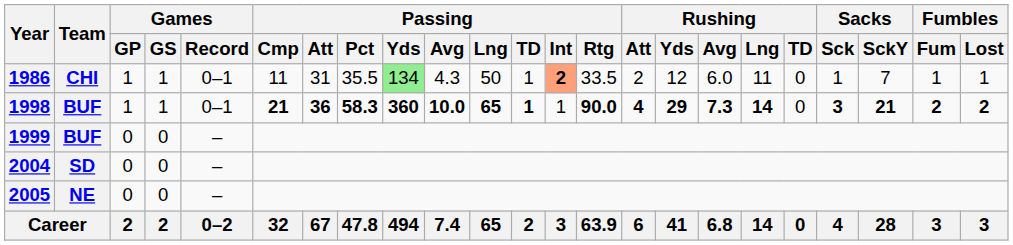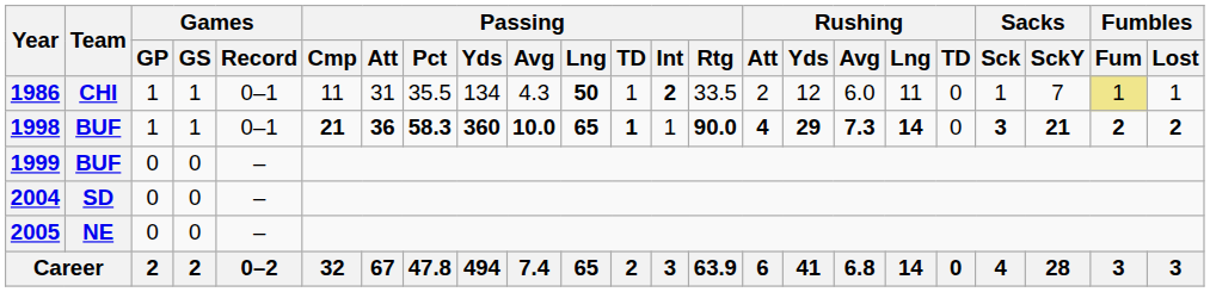 <table class=wikitable style="text-align:center;">
 <tr>
 <th rowspan="2">Year</th>
 <th rowspan="2">Team</th>
 <th colspan="3">Games</th>
 <th colspan="9">Passing</th>
 <th colspan="5">Rushing</th>
 <th colspan="2">Sacks</th>
 <th colspan="2">Fumbles</th>
 </tr>
 <tr>
 <th>GP</th>
 <th>GS</th>
 <th>Record</th>
 <th>Cmp</th>
 <th>Att</th>
 <th>Pct</th>
 <th>Yds</th>
 <th>Avg</th>
 <th>Lng</th>
 <th>TD</th>
 <th>Int</th>
 <th>Rtg</th>
 <th>Att</th>
 <th>Yds</th>
 <th>Avg</th>
 <th>Lng</th>
 <th>TD</th>
 <th>Sck</th>
 <th>SckY</th>
 <th>Fum</th>
 <th>Lost</th>
 </tr>
 <tr>
 <th><a href='#'>1986</a></th>
 <th><a href='#'>CHI</a></th>
 <td>1</td>
 <td>1</td>
 <td>0–1</td>
 <td>11</td>
 <td>31</td>
 <td>35.5</td>
-<td style="background: lightgreen;">134</td>
+<td>134</td>
 <td>4.3</td>
-<td>50</td>
+<td><strong>50</strong></td>
 <td>1</td>
-<td style="background: lightsalmon;"><strong>2</strong></td>
+<td><strong>2</strong></td>
 <td>33.5</td>
 <td>2</td>
 <td>12</td>
 <td>6.0</td>
 <td>11</td>
 <td>0</td>
 <td>1</td>
 <td>7</td>
-<td>1</td>
+<td style="background: khaki;">1</td>
 <td>1</td>
 </tr>
 <tr>
 <th><a href='#'>1998</a></th>
 <th><a href='#'>BUF</a></th>
 <td>1</td>
 <td>1</td>
 <td>0–1</td>
 <td><strong>21</strong></td>
 <td><strong>36</strong></td>
 <td><strong>58.3</strong></td>
 <td><strong>360</strong></td>
 <td><strong>10.0</strong></td>
 <td><strong>65</strong></td>
 <td><strong>1</strong></td>
 <td>1</td>
 <td><strong>90.0</strong></td>
 <td><strong>4</strong></td>
 <td><strong>29</strong></td>
 <td><strong>7.3</strong></td>
 <td><strong>14</strong></td>
 <td>0</td>
 <td><strong>3</strong></td>
 <td><strong>21</strong></td>
 <td><strong>2</strong></td>
 <td><strong>2</strong></td>
 </tr>
 <tr>
 <th><a href='#'>1999</a></th>
 <th><a href='#'>BUF</a></th>
 <td>0</td>
 <td>0</td>
 <td>–</td>
 <td colspan="18"></td>
 </tr>
 <tr>
 <th><a href='#'>2004</a></th>
 <th><a href='#'>SD</a></th>
 <td>0</td>
 <td>0</td>
 <td>–</td>
 <td colspan="18"></td>
 </tr>
 <tr>
 <th><a href='#'>2005</a></th>
 <th><a href='#'>NE</a></th>
 <td>0</td>
 <td>0</td>
 <td>–</td>
 <td colspan="18"></td>
 </tr>
 <tr>
 <th colspan="2">Career</th>
 <th>2</th>
 <th>2</th>
 <th>0–2</th>
 <th>32</th>
 <th>67</th>
 <th>47.8</th>
 <th>494</th>
 <th>7.4</th>
 <th>65</th>
 <th>2</th>
 <th>3</th>
 <th>63.9</th>
 <th>6</th>
 <th>41</th>
 <th>6.8</th>
 <th>14</th>
 <th>0</th>
 <th>4</th>
 <th>28</th>
 <th>3</th>
 <th>3</th>
 </tr>
 </table>
